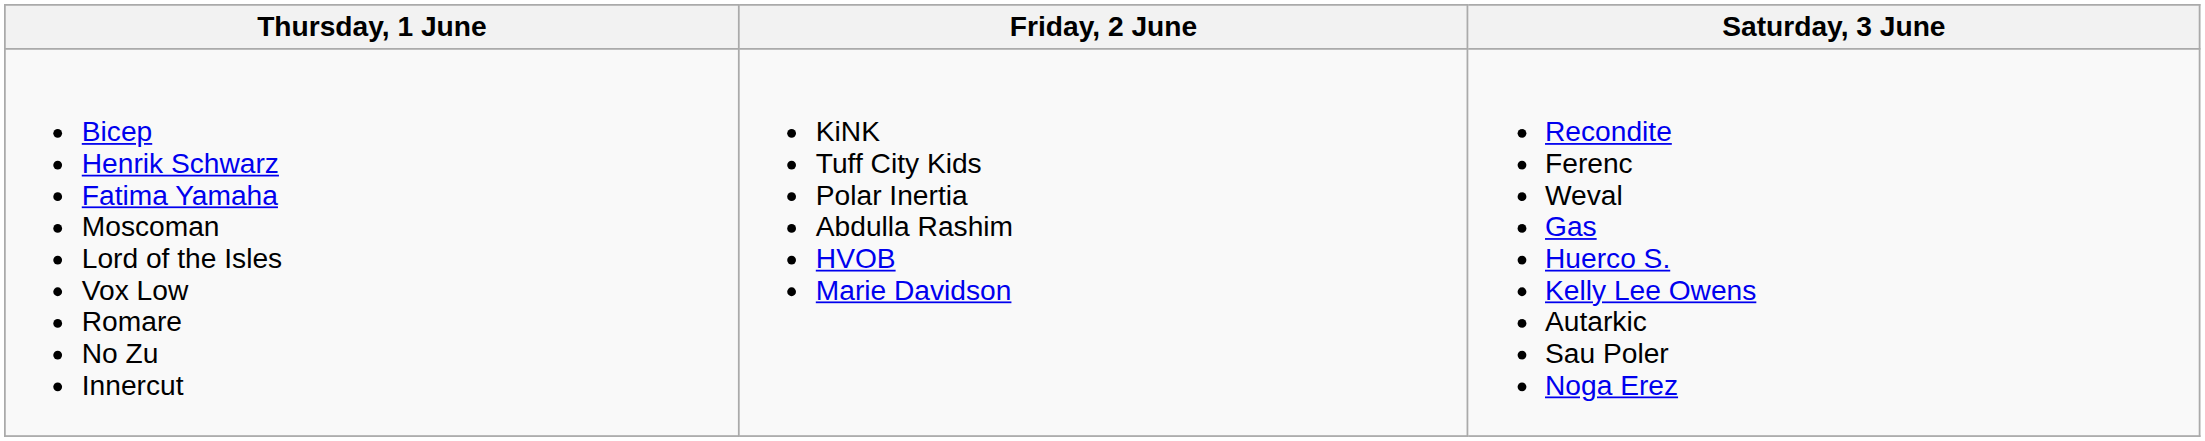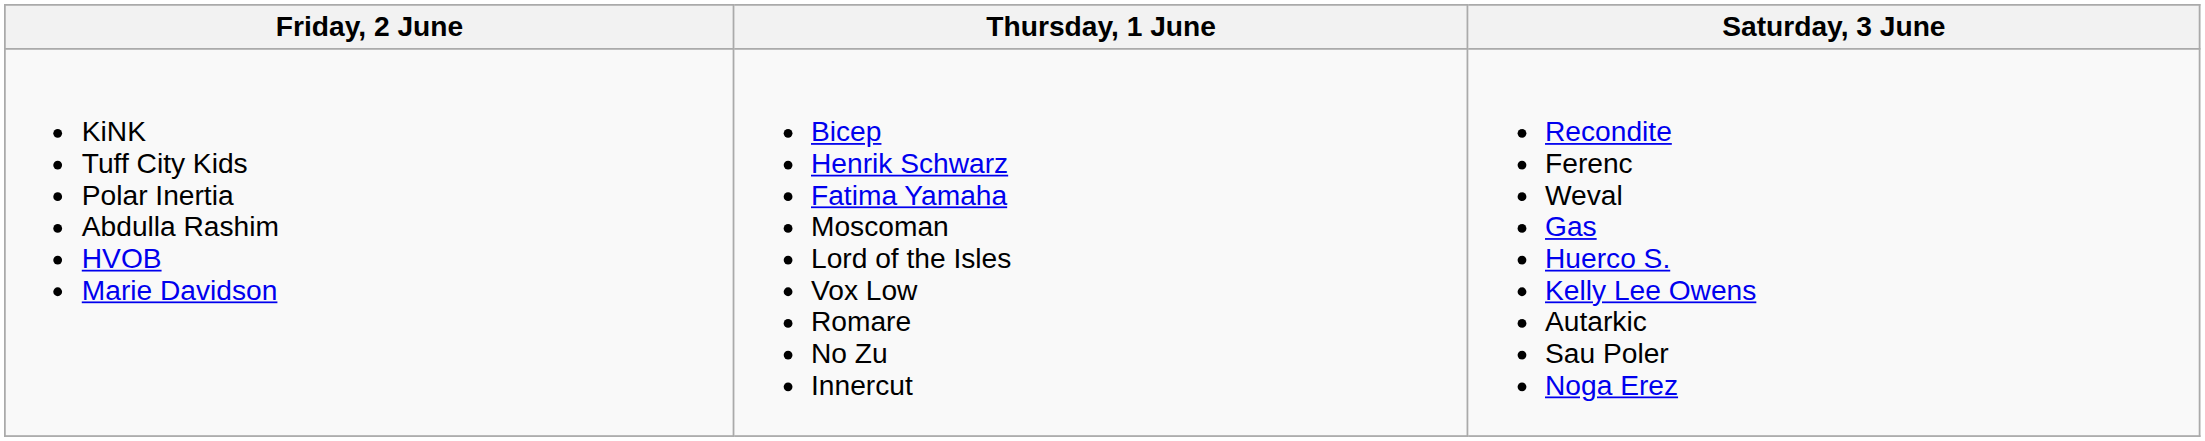 <table class="wikitable">
 <tr>
+<th width="500">Friday, 2 June</th>
 <th width="500">Thursday, 1 June</th>
-<th width="500">Friday, 2 June</th>
 <th width="500">Saturday, 3 June</th>
 </tr>
 <tr valign="top">
+<td><br><ul><li>KiNK</li><li>Tuff City Kids</li><li>Polar Inertia</li><li>Abdulla Rashim</li><li><a href='#'>HVOB</a></li><li><a href='#'>Marie Davidson</a></li></ul></td>
 <td><br><ul><li><a href='#'>Bicep</a></li><li><a href='#'>Henrik Schwarz</a></li><li><a href='#'>Fatima Yamaha</a></li><li>Moscoman</li><li>Lord of the Isles</li><li>Vox Low</li><li>Romare</li><li>No Zu</li><li>Innercut</li></ul></td>
-<td><br><ul><li>KiNK</li><li>Tuff City Kids</li><li>Polar Inertia</li><li>Abdulla Rashim</li><li><a href='#'>HVOB</a></li><li><a href='#'>Marie Davidson</a></li></ul></td>
 <td><br><ul><li><a href='#'>Recondite</a></li><li>Ferenc</li><li>Weval</li><li><a href='#'>Gas</a></li><li><a href='#'>Huerco S.</a></li><li><a href='#'>Kelly Lee Owens</a></li><li>Autarkic</li><li>Sau Poler</li><li><a href='#'>Noga Erez</a></li></ul></td>
 </tr>
 </table>
